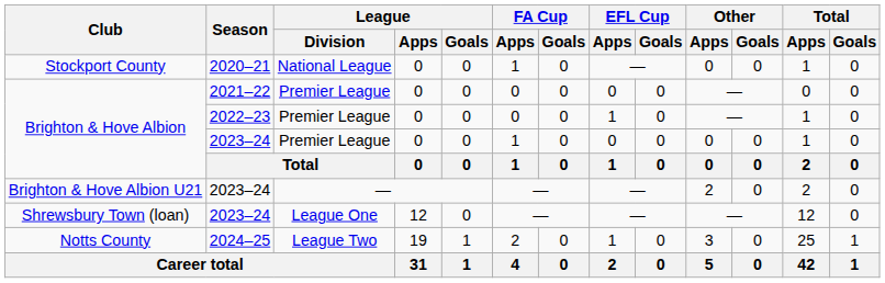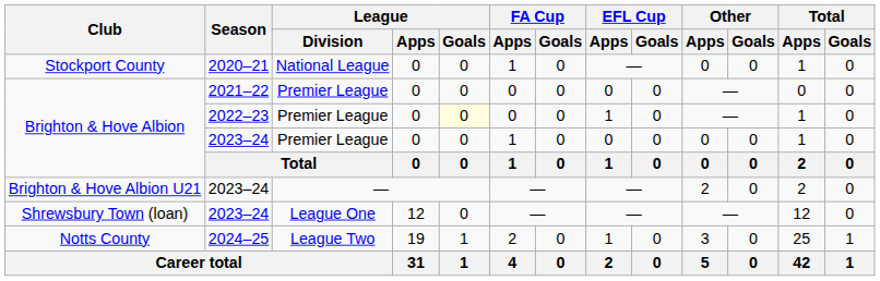 <table class=wikitable style="text-align: center">
 <tr>
 <th rowspan="2">Club</th>
 <th rowspan="2">Season</th>
 <th colspan="3">League</th>
 <th colspan="2"><a href='#'>FA Cup</a></th>
 <th colspan="2"><a href='#'>EFL Cup</a></th>
 <th colspan="2">Other</th>
 <th colspan="2">Total</th>
 </tr>
 <tr>
 <th>Division</th>
 <th>Apps</th>
 <th>Goals</th>
 <th>Apps</th>
 <th>Goals</th>
 <th>Apps</th>
 <th>Goals</th>
 <th>Apps</th>
 <th>Goals</th>
 <th>Apps</th>
 <th>Goals</th>
 </tr>
 <tr>
 <td><a href='#'>Stockport County</a></td>
 <td><a href='#'>2020–21</a></td>
 <td><a href='#'>National League</a></td>
 <td>0</td>
 <td>0</td>
 <td>1</td>
 <td>0</td>
 <td colspan="2">—</td>
 <td>0</td>
 <td>0</td>
 <td>1</td>
 <td>0</td>
 </tr>
 <tr>
 <td rowspan="4"><a href='#'>Brighton & Hove Albion</a></td>
 <td><a href='#'>2021–22</a></td>
 <td><a href='#'>Premier League</a></td>
 <td>0</td>
 <td>0</td>
 <td>0</td>
 <td>0</td>
 <td>0</td>
 <td>0</td>
 <td colspan="2">—</td>
 <td>0</td>
 <td>0</td>
 </tr>
 <tr>
 <td><a href='#'>2022–23</a></td>
 <td>Premier League</td>
 <td>0</td>
-<td>0</td>
+<td style="background: lightyellow;">0</td>
 <td>0</td>
 <td>0</td>
 <td>1</td>
 <td>0</td>
 <td colspan="2">—</td>
 <td>1</td>
 <td>0</td>
 </tr>
 <tr>
 <td><a href='#'>2023–24</a></td>
 <td>Premier League</td>
 <td>0</td>
 <td>0</td>
 <td>1</td>
 <td>0</td>
 <td>0</td>
 <td>0</td>
 <td>0</td>
 <td>0</td>
 <td>1</td>
 <td>0</td>
 </tr>
 <tr>
 <th colspan="2">Total</th>
 <th>0</th>
 <th>0</th>
 <th>1</th>
 <th>0</th>
 <th>1</th>
 <th>0</th>
 <th>0</th>
 <th>0</th>
 <th>2</th>
 <th>0</th>
 </tr>
 <tr>
 <td><a href='#'>Brighton & Hove Albion U21</a></td>
 <td>2023–24</td>
 <td colspan="3">—</td>
 <td colspan="2">—</td>
 <td colspan="2">—</td>
 <td>2</td>
 <td>0</td>
 <td>2</td>
 <td>0</td>
 </tr>
 <tr>
 <td><a href='#'>Shrewsbury Town</a> (loan)</td>
 <td><a href='#'>2023–24</a></td>
 <td><a href='#'>League One</a></td>
 <td>12</td>
 <td>0</td>
 <td colspan="2">—</td>
 <td colspan="2">—</td>
 <td colspan="2">—</td>
 <td>12</td>
 <td>0</td>
 </tr>
 <tr>
 <td><a href='#'>Notts County</a></td>
 <td><a href='#'>2024–25</a></td>
 <td><a href='#'>League Two</a></td>
 <td>19</td>
 <td>1</td>
 <td>2</td>
 <td>0</td>
 <td>1</td>
 <td>0</td>
 <td>3</td>
 <td>0</td>
 <td>25</td>
 <td>1</td>
 </tr>
 <tr>
 <th colspan="3">Career total</th>
 <th>31</th>
 <th>1</th>
 <th>4</th>
 <th>0</th>
 <th>2</th>
 <th>0</th>
 <th>5</th>
 <th>0</th>
 <th>42</th>
 <th>1</th>
 </tr>
 </table>
